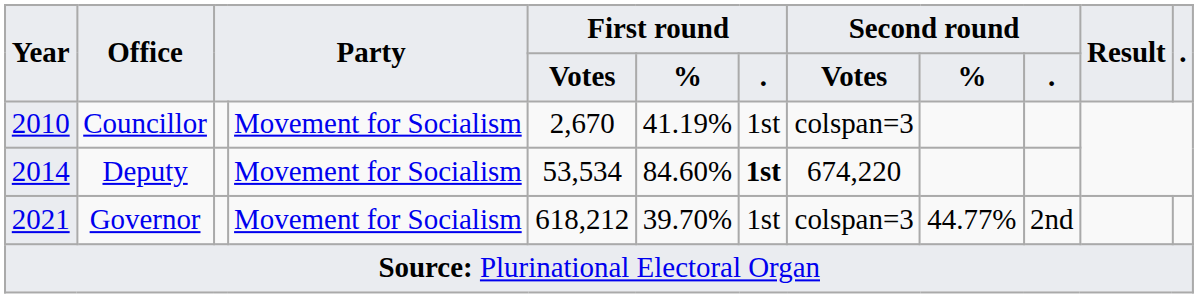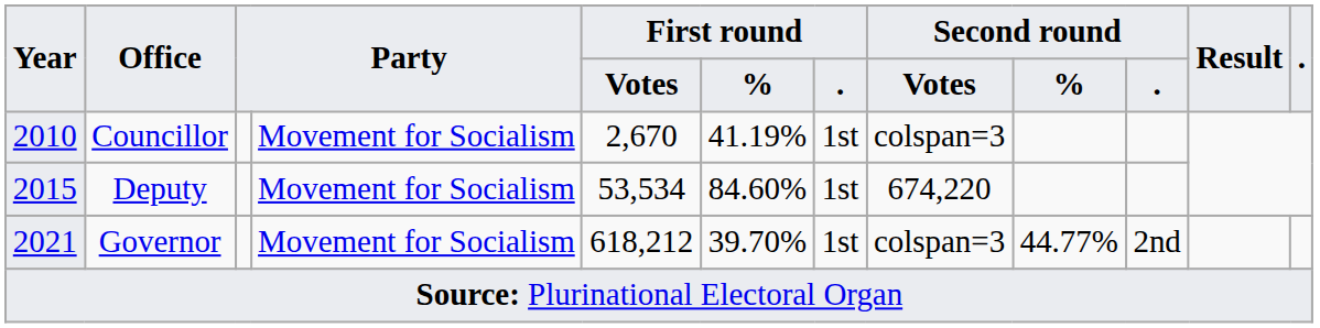 <table class="wikitable" style="font-size:90%; text-align:center;">
 <tr>
 <th style="background-color:#EAECF0;" rowspan=2>Year</th>
 <th style="background-color:#EAECF0;" rowspan=2>Office</th>
 <th style="background-color:#EAECF0;" colspan=2 rowspan=2>Party</th>
 <th style="background-color:#EAECF0;" colspan=3>First round</th>
 <th style="background-color:#EAECF0;" colspan=3>Second round</th>
 <th style="background-color:#EAECF0;" rowspan=2>Result</th>
 <th style="background-color:#EAECF0;" rowspan=2>.</th>
 </tr>
 <tr>
 <th style="background-color:#EAECF0;">Votes</th>
 <th style="background-color:#EAECF0;">%</th>
 <th style="background-color:#EAECF0;">.</th>
 <th style="background-color:#EAECF0;">Votes</th>
 <th style="background-color:#EAECF0;">%</th>
 <th style="background-color:#EAECF0;">.</th>
 </tr>
 <tr>
 <td style="background-color:#EAECF0;"><a href='#'>2010</a></td>
 <td><a href='#'>Councillor</a></td>
 <td style="background-color:"></td>
 <td><a href='#'>Movement for Socialism</a></td>
 <td>2,670</td>
 <td>41.19%</td>
 <td>1st</td>
 <td>colspan=3 </td>
 <td></td>
 <td></td>
 </tr>
 <tr>
-<td style="background-color:#EAECF0;"><a href='#'>2014</a></td>
+<td style="background-color:#EAECF0;"><a href='#'>2015</a></td>
 <td><a href='#'>Deputy</a></td>
 <td style="background-color:"></td>
 <td><a href='#'>Movement for Socialism</a></td>
 <td>53,534</td>
 <td>84.60%</td>
-<td><strong>1st</strong></td>
+<td>1st</td>
 <td>674,220</td>
 <td></td>
 <td></td>
 </tr>
 <tr>
 <td style="background-color:#EAECF0;"><a href='#'>2021</a></td>
 <td><a href='#'>Governor</a></td>
 <td style="background-color:"></td>
 <td><a href='#'>Movement for Socialism</a></td>
 <td>618,212</td>
 <td>39.70%</td>
 <td>1st</td>
 <td>colspan=3 </td>
 <td>44.77%</td>
 <td>2nd</td>
 <td></td>
 <td></td>
 </tr>
 <tr>
 <td style="background-color:#EAECF0;" colspan=12><strong>Source:</strong> <a href='#'>Plurinational Electoral Organ</a>  </td>
 </tr>
 </table>
